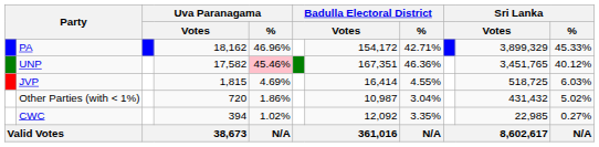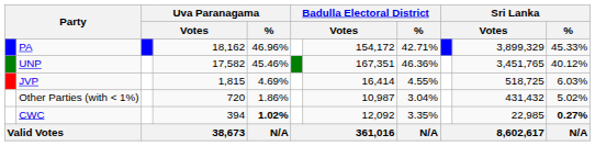 <table class="wikitable">
 <tr>
 <th colspan="2" width="144px"rowspan="2">Party</th>
 <th colspan="3" width="216px">Uva Paranagama</th>
 <th colspan="3" width="216px"><a href='#'>Badulla Electoral District</a></th>
 <th colspan="3" width="216px">Sri Lanka</th>
 </tr>
 <tr>
 <th colspan="2" width="144px">Votes</th>
 <th>%</th>
 <th colspan="2" width="144px">Votes</th>
 <th>%</th>
 <th colspan="2" width="144px">Votes</th>
 <th>%</th>
 </tr>
 <tr>
 <td style="background-color:blue;" width="10px"></td>
 <td style="text-align:left;"><a href='#'>PA</a></td>
 <td style="background-color:blue;" width="10px"></td>
 <td style="text-align:right;">18,162</td>
 <td style="text-align:right;">46.96%</td>
 <td style="background-color:white;" width="10px"></td>
 <td style="text-align:right;">154,172</td>
 <td style="text-align:right;">42.71%</td>
 <td style="background-color:blue;" width="10px"></td>
 <td style="text-align:right;">3,899,329</td>
 <td style="text-align:right;">45.33%</td>
 </tr>
 <tr>
 <td style="background-color:green;" width="10px"></td>
 <td style="text-align:left;"><a href='#'>UNP</a></td>
 <td style="background-color:white;" width="10px"></td>
 <td style="text-align:right;">17,582</td>
-<td style="background: pink; text-align:right;">45.46%</td>
+<td style="text-align:right;">45.46%</td>
 <td style="background-color:green;" width="10px"></td>
 <td style="text-align:right;">167,351</td>
 <td style="text-align:right;">46.36%</td>
 <td style="background-color:white;" width="10px"></td>
 <td style="text-align:right;">3,451,765</td>
 <td style="text-align:right;">40.12%</td>
 </tr>
 <tr>
 <td style="background-color:red;" width="10px"></td>
 <td style="text-align:left;"><a href='#'>JVP</a></td>
 <td style="background-color:white;" width="10px"></td>
 <td style="text-align:right;">1,815</td>
 <td style="text-align:right;">4.69%</td>
 <td style="background-color:white;" width="10px"></td>
 <td style="text-align:right;">16,414</td>
 <td style="text-align:right;">4.55%</td>
 <td style="background-color:white;" width="10px"></td>
 <td style="text-align:right;">518,725</td>
 <td style="text-align:right;">6.03%</td>
 </tr>
 <tr>
 <td style="background-color:white;" width="10px"></td>
 <td style="text-align:left;">Other Parties (with < 1%)</td>
 <td style="background-color:white;" width="10px"></td>
 <td style="text-align:right;">720</td>
 <td style="text-align:right;">1.86%</td>
 <td style="background-color:white;" width="10px"></td>
 <td style="text-align:right;">10,987</td>
 <td style="text-align:right;">3.04%</td>
 <td style="background-color:white;" width="10px"></td>
 <td style="text-align:right;">431,432</td>
 <td style="text-align:right;">5.02%</td>
 </tr>
 <tr>
 <td style="background-color:white;" width="10px"></td>
 <td style="text-align:left;"><a href='#'>CWC</a></td>
 <td style="background-color:white;" width="10px"></td>
 <td style="text-align:right;">394</td>
-<td style="text-align:right;">1.02%</td>
+<td style="text-align:right;"><strong>1.02%</strong></td>
 <td style="background-color:white;" width="10px"></td>
 <td style="text-align:right;">12,092</td>
 <td style="text-align:right;">3.35%</td>
 <td style="background-color:white;" width="10px"></td>
 <td style="text-align:right;">22,985</td>
-<td style="text-align:right;">0.27%</td>
+<td style="text-align:right;"><strong>0.27%</strong></td>
 </tr>
 <tr>
 <th colspan="2" width="144px"style="text-align:left;">Valid Votes</th>
 <th style="text-align:right;"colspan="2" width="144px">38,673</th>
 <th style="text-align:right;">N/A</th>
 <th style="text-align:right;"colspan="2" width="144px">361,016</th>
 <th style="text-align:right;">N/A</th>
 <th style="text-align:right;"colspan="2" width="144px">8,602,617</th>
 <th style="text-align:right;">N/A</th>
 </tr>
 </table>
